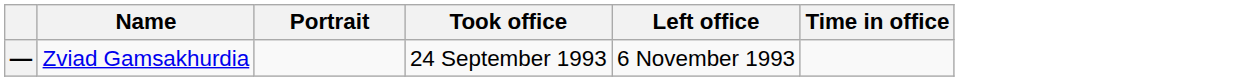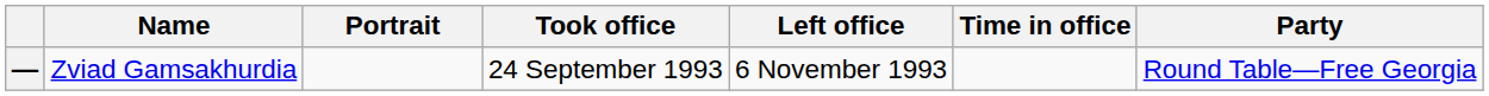 <table class="wikitable" style="text-align:center">
 <tr>
 <th></th>
 <th>Name<br></th>
 <th width="100px">Portrait</th>
 <th>Took office</th>
 <th>Left office</th>
 <th>Time in office</th>
+<th>Party</th>
 </tr>
 <tr>
 <th style="background:">—</th>
 <td><a href='#'>Zviad Gamsakhurdia</a><br></td>
 <td></td>
 <td>24 September 1993</td>
 <td>6 November 1993</td>
 <td></td>
+<td><a href='#'>Round Table—Free Georgia</a></td>
 </tr>
 </table>
